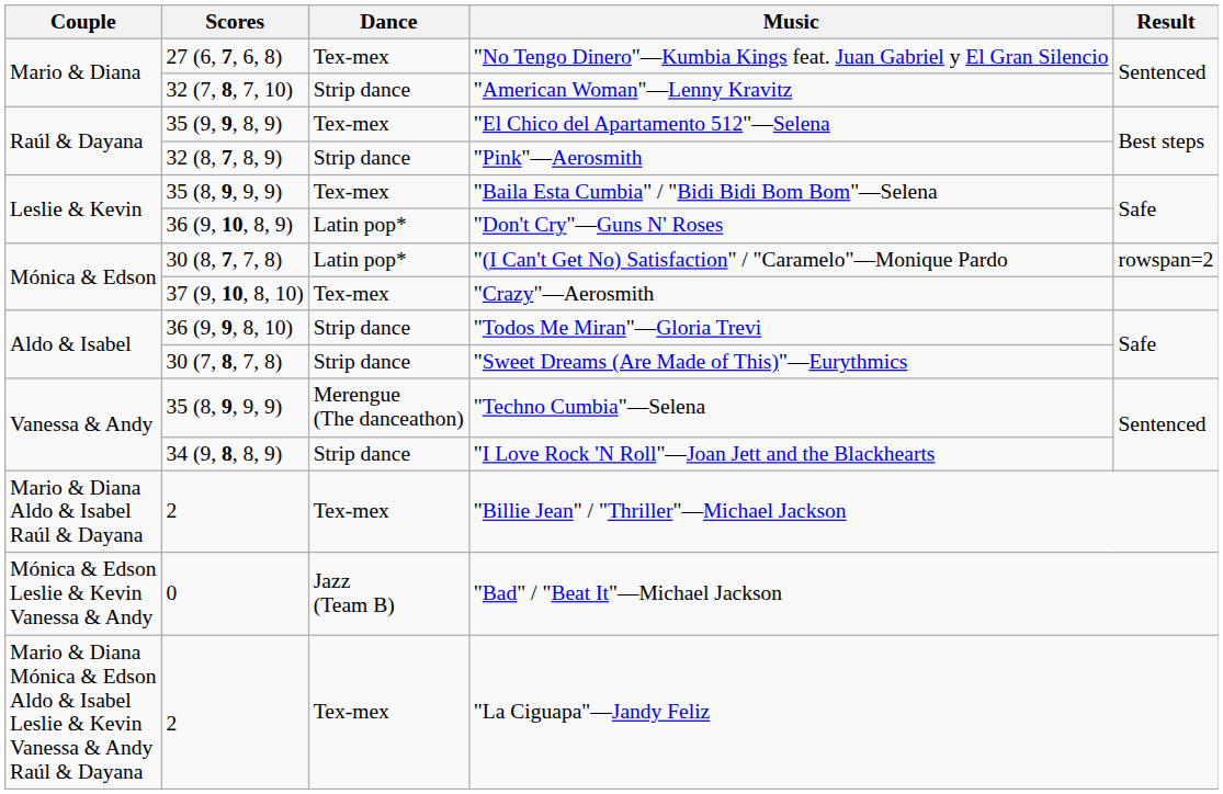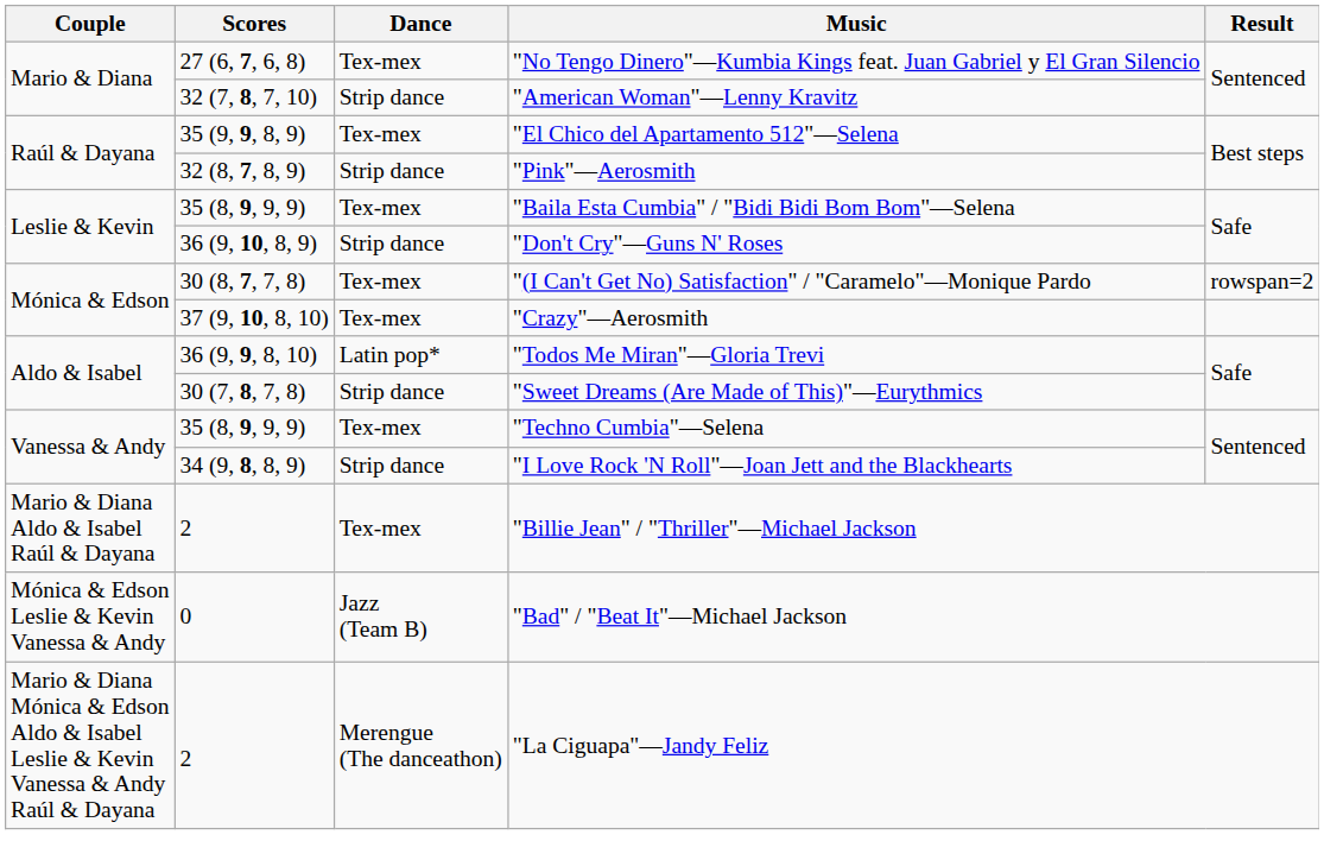 <table class="wikitable sortable" style="width:95%; white-space:nowrap;">
 <tr>
 <th style="width:15%;">Couple</th>
 <th style="width:14%;">Scores</th>
 <th style="width:14%;">Dance</th>
 <th style="width:40%;">Music</th>
 <th style="width:12%;">Result</th>
 </tr>
 <tr>
 <td rowspan=2>Mario & Diana</td>
 <td>27 (6, <strong>7</strong>, 6, 8)</td>
 <td>Tex-mex</td>
 <td>"<a href='#'>No Tengo Dinero</a>"—<a href='#'>Kumbia Kings</a> feat. <a href='#'>Juan Gabriel</a> y <a href='#'>El Gran Silencio</a></td>
 <td rowspan=2>Sentenced</td>
 </tr>
 <tr>
 <td>32 (7, <strong>8</strong>, 7, 10)</td>
 <td>Strip dance</td>
 <td>"<a href='#'>American Woman</a>"—<a href='#'>Lenny Kravitz</a></td>
 </tr>
 <tr>
 <td rowspan=2>Raúl & Dayana</td>
 <td>35 (9, <strong>9</strong>, 8, 9)</td>
 <td>Tex-mex</td>
 <td>"<a href='#'>El Chico del Apartamento 512</a>"—<a href='#'>Selena</a></td>
 <td rowspan=2>Best steps</td>
 </tr>
 <tr>
 <td>32 (8, <strong>7</strong>, 8, 9)</td>
 <td>Strip dance</td>
 <td>"<a href='#'>Pink</a>"—<a href='#'>Aerosmith</a></td>
 </tr>
 <tr>
 <td rowspan=2>Leslie & Kevin</td>
 <td>35 (8, <strong>9</strong>, 9, 9)</td>
 <td>Tex-mex</td>
 <td>"<a href='#'>Baila Esta Cumbia</a>" / "<a href='#'>Bidi Bidi Bom Bom</a>"—Selena</td>
 <td rowspan=2>Safe</td>
 </tr>
 <tr>
 <td>36 (9, <strong>10</strong>, 8, 9)</td>
-<td>Latin pop*</td>
+<td>Strip dance</td>
 <td>"<a href='#'>Don't Cry</a>"—<a href='#'>Guns N' Roses</a></td>
 </tr>
 <tr>
 <td rowspan=2>Mónica & Edson</td>
 <td>30 (8, <strong>7</strong>, 7, 8)</td>
-<td>Latin pop*</td>
+<td>Tex-mex</td>
 <td>"<a href='#'>(I Can't Get No) Satisfaction</a>" / "Caramelo"—Monique Pardo</td>
 <td>rowspan=2 </td>
 </tr>
 <tr>
 <td>37 (9, <strong>10</strong>, 8, 10)</td>
 <td>Tex-mex</td>
 <td>"<a href='#'>Crazy</a>"—Aerosmith</td>
 </tr>
 <tr>
 <td rowspan=2>Aldo & Isabel</td>
 <td>36 (9, <strong>9</strong>, 8, 10)</td>
-<td>Strip dance</td>
+<td>Latin pop*</td>
 <td>"<a href='#'>Todos Me Miran</a>"—<a href='#'>Gloria Trevi</a></td>
 <td rowspan=2>Safe</td>
 </tr>
 <tr>
 <td>30 (7, <strong>8</strong>, 7, 8)</td>
 <td>Strip dance</td>
 <td>"<a href='#'>Sweet Dreams (Are Made of This)</a>"—<a href='#'>Eurythmics</a></td>
 </tr>
 <tr>
 <td rowspan=2>Vanessa & Andy</td>
 <td>35 (8, <strong>9</strong>, 9, 9)</td>
-<td>Merengue<br>(The danceathon)</td>
+<td>Tex-mex</td>
 <td>"<a href='#'>Techno Cumbia</a>"—Selena</td>
 <td rowspan=2>Sentenced</td>
 </tr>
 <tr>
 <td>34 (9, <strong>8</strong>, 8, 9)</td>
 <td>Strip dance</td>
 <td>"<a href='#'>I Love Rock 'N Roll</a>"—<a href='#'>Joan Jett and the Blackhearts</a></td>
 </tr>
 <tr>
 <td>Mario & Diana<br>Aldo & Isabel<br>Raúl & Dayana</td>
 <td>2</td>
 <td>Tex-mex</td>
 <td colspan=2>"<a href='#'>Billie Jean</a>" / "<a href='#'>Thriller</a>"—<a href='#'>Michael Jackson</a></td>
 </tr>
 <tr>
 <td>Mónica & Edson<br>Leslie & Kevin<br>Vanessa & Andy</td>
 <td>0</td>
 <td>Jazz<br>(Team B)</td>
 <td colspan=2>"<a href='#'>Bad</a>" / "<a href='#'>Beat It</a>"—Michael Jackson</td>
 </tr>
 <tr>
 <td>Mario & Diana<br>Mónica & Edson<br>Aldo & Isabel<br>Leslie & Kevin<br>Vanessa & Andy<br>Raúl & Dayana</td>
 <td valign="top"><br><br><br>2</td>
-<td>Tex-mex</td>
+<td>Merengue<br>(The danceathon)</td>
 <td colspan=2>"La Ciguapa"—<a href='#'>Jandy Feliz</a></td>
 </tr>
 </table>
